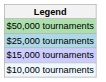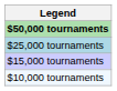 <table style="font-size:85%" class="wikitable">
 <tr>
 <th>Legend</th>
 </tr>
 <tr style="background:#addfad;">
-<td>$50,000 tournaments</td>
+<td><strong>$50,000 tournaments</strong></td>
 </tr>
 <tr style="background:lightblue;">
 <td>$25,000 tournaments</td>
 </tr>
 <tr style="background:#ccccff;">
 <td>$15,000 tournaments</td>
 </tr>
 <tr style="background:#f0f8ff;">
 <td>$10,000 tournaments</td>
 </tr>
 </table>
